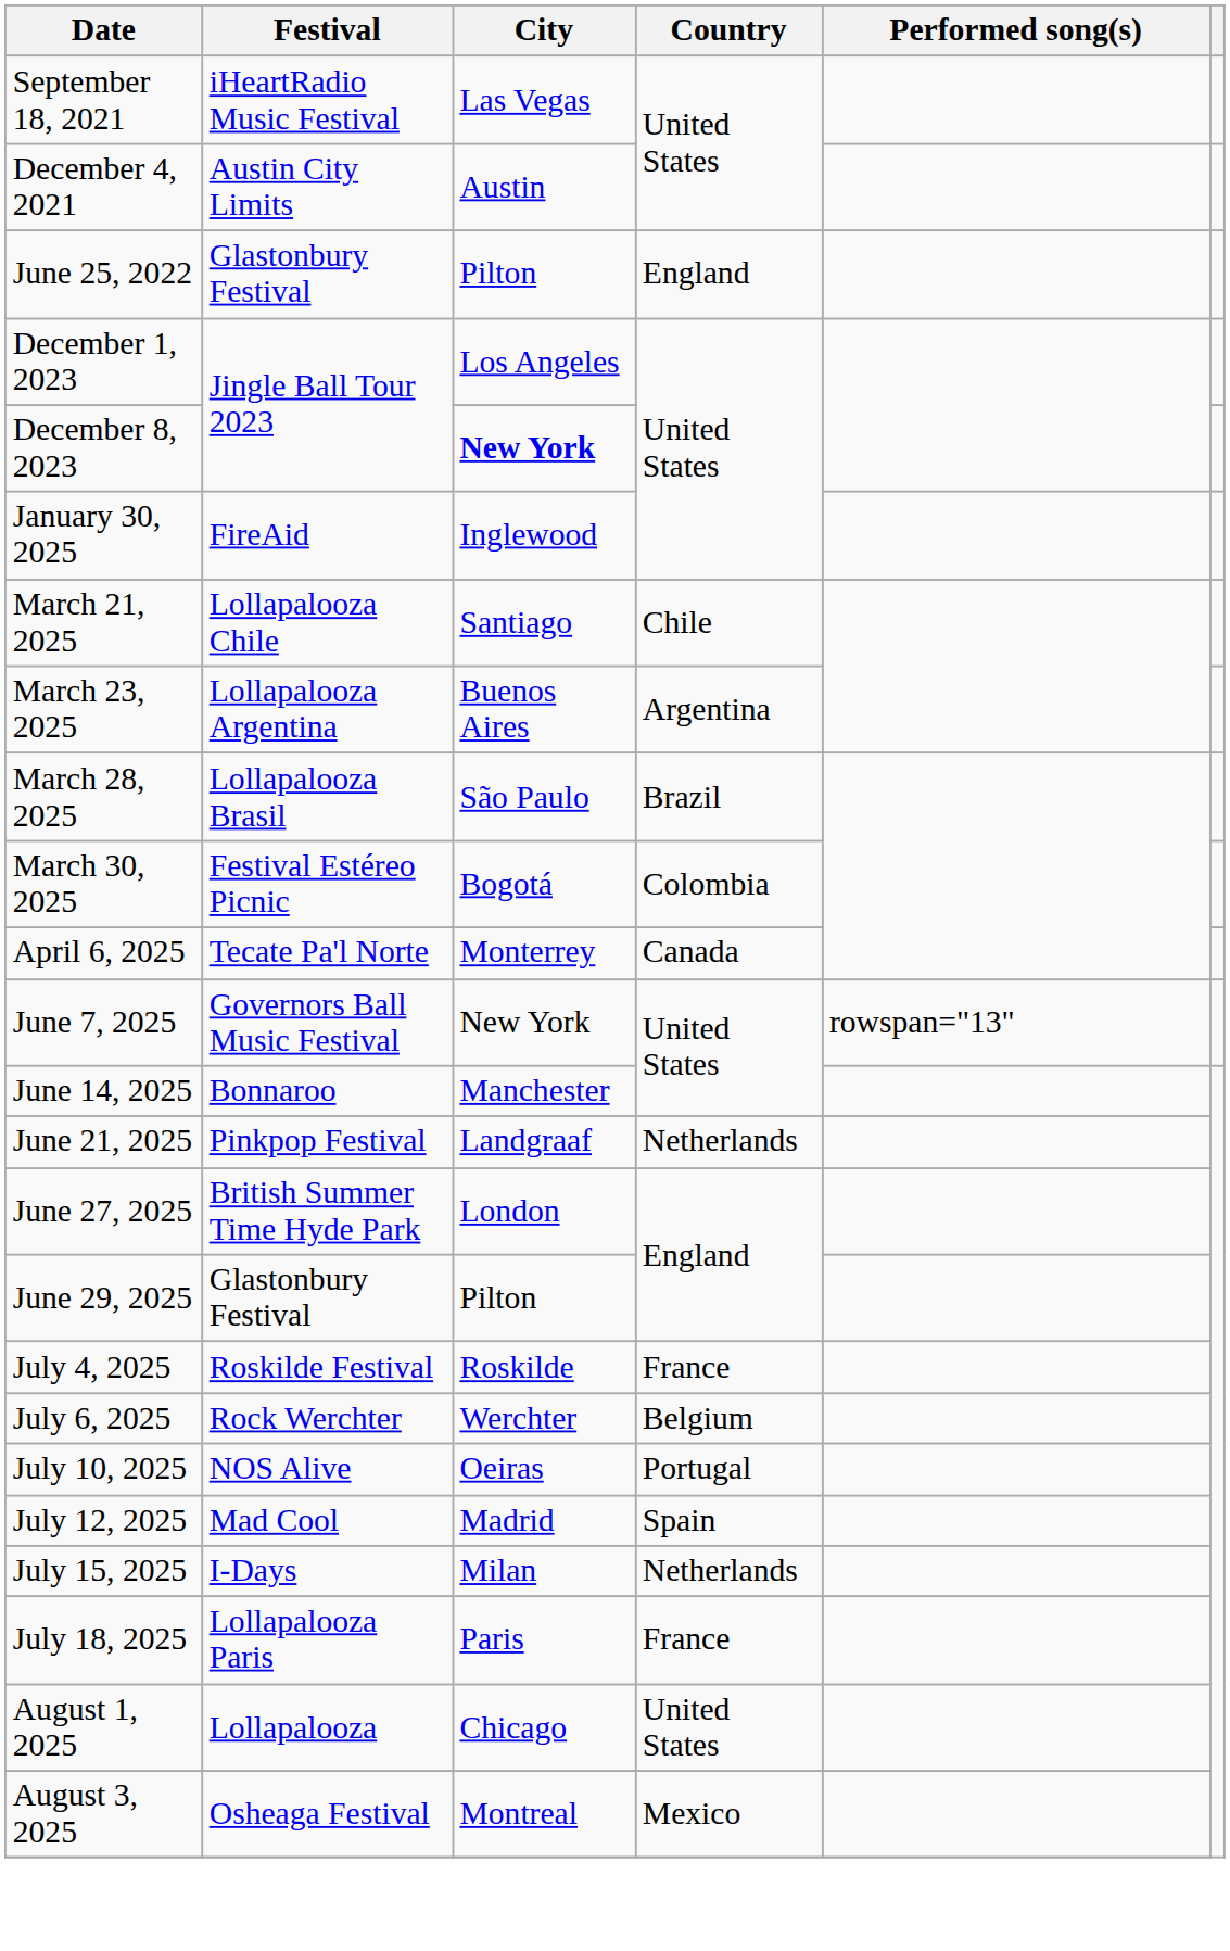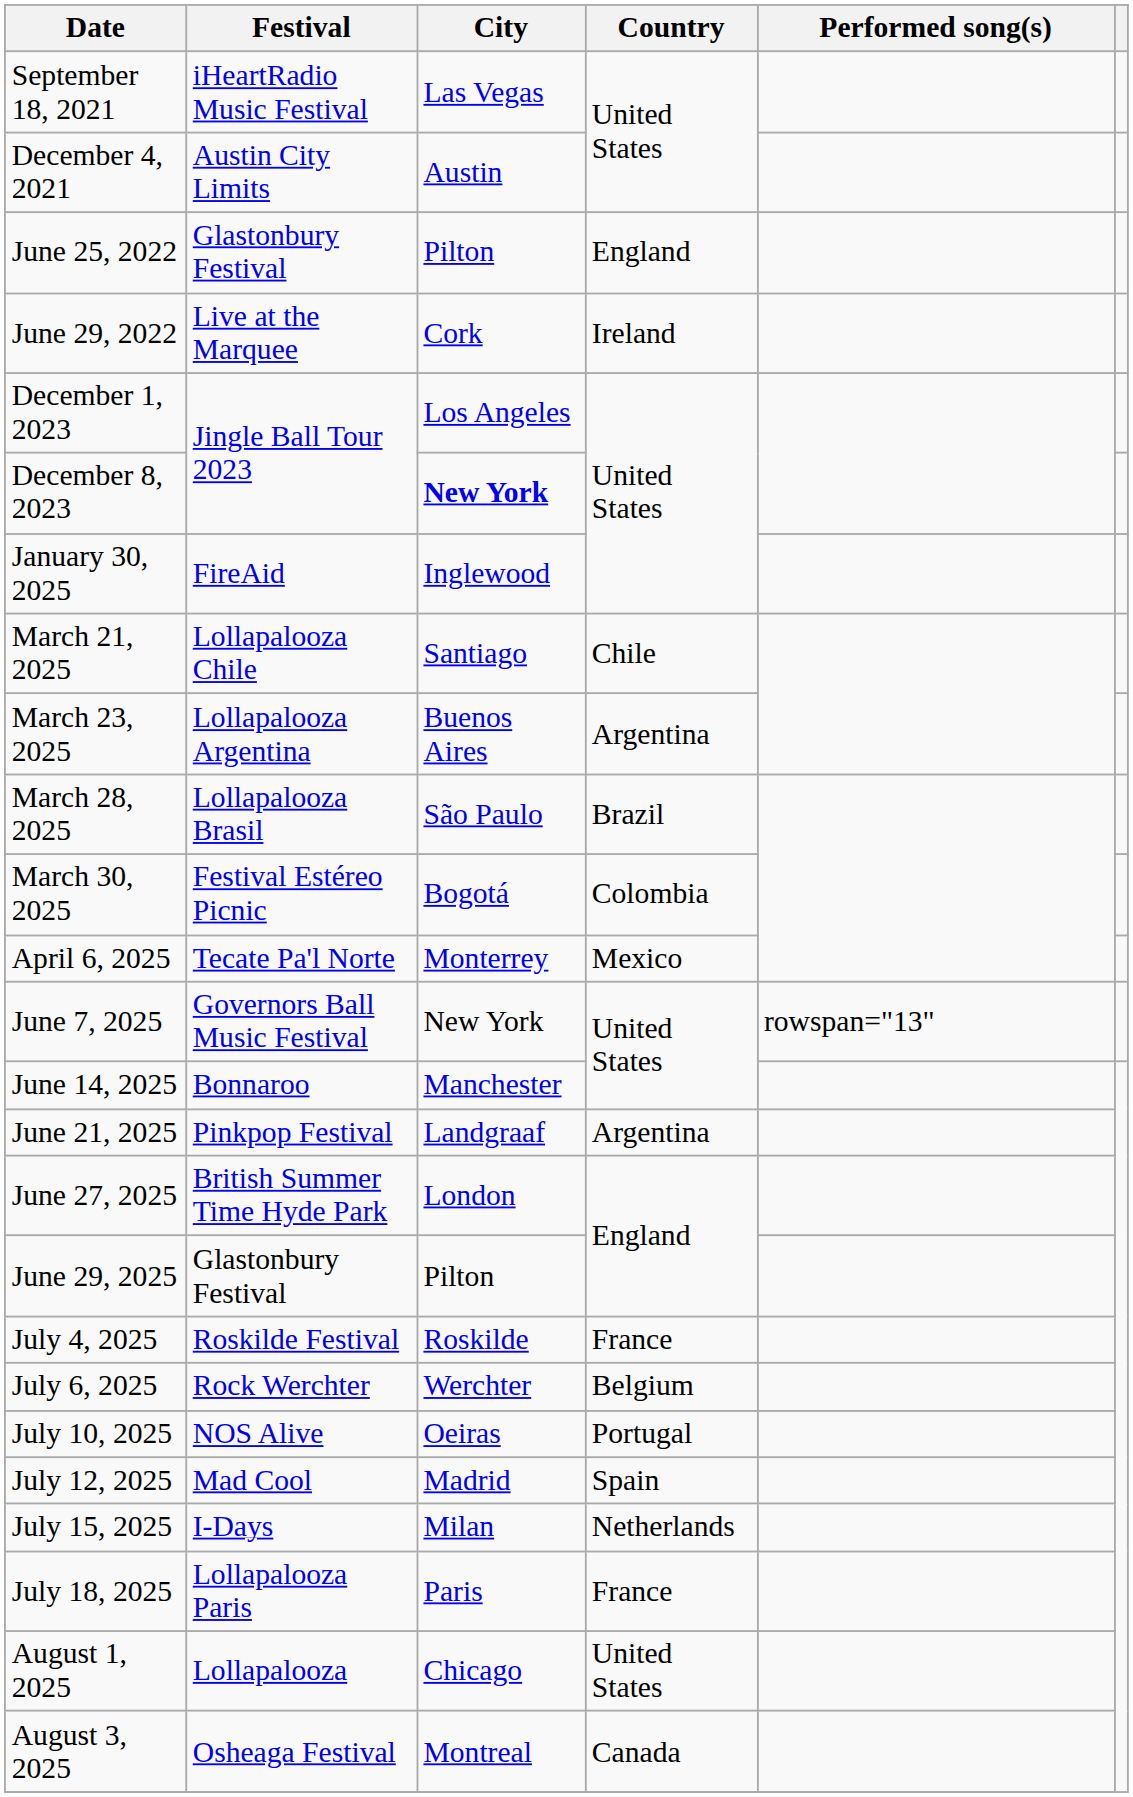 <table class="wikitable sortable plainrowheaders">
 <tr>
 <th scope="col" style="width:10em;">Date</th>
 <th scope="col" style="width:14em;">Festival</th>
 <th scope="col" style="width:7em;">City</th>
 <th scope="col" style="width:7em;">Country</th>
 <th scope="col" style="width:30em;">Performed song(s)</th>
 <th scope="col" class="unsortable"></th>
 </tr>
 <tr>
 <td>September 18, 2021</td>
 <td><a href='#'>iHeartRadio Music Festival</a></td>
 <td><a href='#'>Las Vegas</a></td>
 <td rowspan="2">United States</td>
 <td></td>
 <td></td>
 </tr>
 <tr>
 <td>December 4, 2021</td>
 <td><a href='#'>Austin City Limits</a></td>
 <td><a href='#'>Austin</a></td>
 <td></td>
 <td></td>
 </tr>
 <tr>
 <td>June 25, 2022</td>
 <td><a href='#'>Glastonbury Festival</a></td>
 <td><a href='#'>Pilton</a></td>
 <td>England</td>
+<td></td>
+<td></td>
+</tr>
+<tr>
+<td>June 29, 2022</td>
+<td><a href='#'>Live at the Marquee</a></td>
+<td><a href='#'>Cork</a></td>
+<td>Ireland</td>
 <td></td>
 <td></td>
 </tr>
 <tr>
 <td>December 1, 2023</td>
 <td rowspan="2"><a href='#'>Jingle Ball Tour 2023</a></td>
 <td><a href='#'>Los Angeles</a></td>
 <td rowspan="3">United States</td>
 <td rowspan="2"></td>
 <td></td>
 </tr>
 <tr>
 <td>December 8, 2023</td>
 <td><strong><a href='#'>New York</a></strong></td>
 <td></td>
 </tr>
 <tr>
 <td>January 30, 2025</td>
 <td><a href='#'>FireAid</a></td>
 <td><a href='#'>Inglewood</a></td>
 <td></td>
 <td></td>
 </tr>
 <tr>
 <td>March 21, 2025</td>
 <td><a href='#'>Lollapalooza Chile</a></td>
 <td><a href='#'>Santiago</a></td>
 <td>Chile</td>
 <td rowspan="2"></td>
 <td></td>
 </tr>
 <tr>
 <td>March 23, 2025</td>
 <td><a href='#'>Lollapalooza Argentina</a></td>
 <td><a href='#'>Buenos Aires</a></td>
 <td>Argentina</td>
 <td></td>
 </tr>
 <tr>
 <td>March 28, 2025</td>
 <td><a href='#'>Lollapalooza Brasil</a></td>
 <td><a href='#'>São Paulo</a></td>
 <td>Brazil</td>
 <td rowspan="3"></td>
 <td></td>
 </tr>
 <tr>
 <td>March 30, 2025</td>
 <td><a href='#'>Festival Estéreo Picnic</a></td>
 <td><a href='#'>Bogotá</a></td>
 <td>Colombia</td>
 <td></td>
 </tr>
 <tr>
 <td>April 6, 2025</td>
 <td><a href='#'>Tecate Pa'l Norte</a></td>
 <td><a href='#'>Monterrey</a></td>
-<td>Canada</td>
+<td>Mexico</td>
 <td></td>
 </tr>
 <tr>
 <td>June 7, 2025</td>
 <td><a href='#'>Governors Ball Music Festival</a></td>
 <td>New York</td>
 <td rowspan="2">United States</td>
 <td>rowspan="13"  </td>
 <td></td>
 </tr>
 <tr>
 <td>June 14, 2025</td>
 <td><a href='#'>Bonnaroo</a></td>
 <td><a href='#'>Manchester</a></td>
 <td></td>
 </tr>
 <tr>
 <td>June 21, 2025</td>
 <td><a href='#'>Pinkpop Festival</a></td>
 <td><a href='#'>Landgraaf</a></td>
-<td>Netherlands</td>
+<td>Argentina</td>
 <td></td>
 </tr>
 <tr>
 <td>June 27, 2025</td>
 <td><a href='#'>British Summer Time Hyde Park</a></td>
 <td><a href='#'>London</a></td>
 <td rowspan="2">England</td>
 <td></td>
 </tr>
 <tr>
 <td>June 29, 2025</td>
 <td>Glastonbury Festival</td>
 <td>Pilton</td>
 <td></td>
 </tr>
 <tr>
 <td>July 4, 2025</td>
 <td><a href='#'>Roskilde Festival</a></td>
 <td><a href='#'>Roskilde</a></td>
 <td>France</td>
 <td></td>
 </tr>
 <tr>
 <td>July 6, 2025</td>
 <td><a href='#'>Rock Werchter</a></td>
 <td><a href='#'>Werchter</a></td>
 <td>Belgium</td>
 <td></td>
 </tr>
 <tr>
 <td>July 10, 2025</td>
 <td><a href='#'>NOS Alive</a></td>
 <td><a href='#'>Oeiras</a></td>
 <td>Portugal</td>
 <td></td>
 </tr>
 <tr>
 <td>July 12, 2025</td>
 <td><a href='#'>Mad Cool</a></td>
 <td><a href='#'>Madrid</a></td>
 <td>Spain</td>
 <td></td>
 </tr>
 <tr>
 <td>July 15, 2025</td>
 <td><a href='#'>I-Days</a></td>
 <td><a href='#'>Milan</a></td>
 <td>Netherlands</td>
 <td></td>
 </tr>
 <tr>
 <td>July 18, 2025</td>
 <td><a href='#'>Lollapalooza Paris</a></td>
 <td><a href='#'>Paris</a></td>
 <td>France</td>
 <td></td>
 </tr>
 <tr>
 <td>August 1, 2025</td>
 <td><a href='#'>Lollapalooza</a></td>
 <td><a href='#'>Chicago</a></td>
 <td>United States</td>
 <td></td>
 </tr>
 <tr>
 <td>August 3, 2025</td>
 <td><a href='#'>Osheaga Festival</a></td>
 <td><a href='#'>Montreal</a></td>
-<td>Mexico</td>
+<td>Canada</td>
 <td></td>
 </tr>
 <tr>
 </tr>
 </table>
